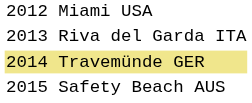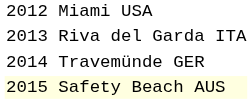 <table>
 <tr>
 <td>2012 Miami USA</td>
 <td></td>
 <td></td>
 <td></td>
 </tr>
 <tr>
 <td>2013 Riva del Garda ITA</td>
 <td></td>
 <td></td>
 <td></td>
 </tr>
 <tr>
-<td style="background: khaki;">2014 Travemünde GER</td>
+<td>2014 Travemünde GER</td>
 <td></td>
 <td></td>
 <td></td>
 </tr>
 <tr>
-<td>2015 Safety Beach AUS</td>
+<td style="background: lightyellow;">2015 Safety Beach AUS</td>
 <td></td>
 <td></td>
 <td></td>
 </tr>
 <tr>
 </tr>
 </table>
